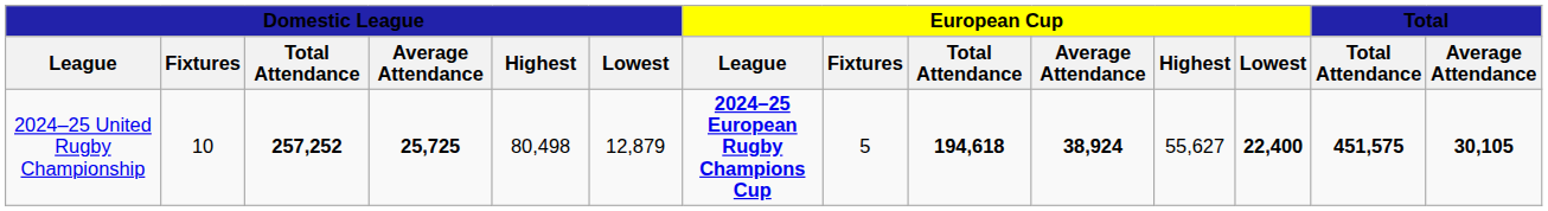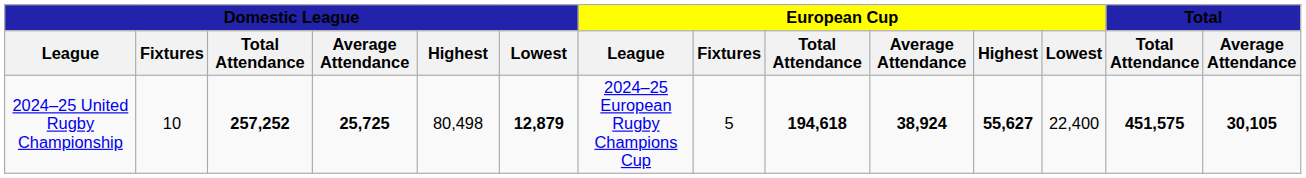 <table class="wikitable sortable" style="font-size:90%; width:90%;">
 <tr>
 <td colspan="6" class="wikitable sortable" style="width:45%; background:#2222aa; text-align:center;"><span><strong>Domestic League</strong></span></td>
 <td colspan="6" class="wikitable sortable" style="width:45%; background:yellow; text-align:center;"><span><strong>European Cup</strong></span></td>
 <td colspan="2" class="wikitable sortable" style="width:45%; background:#2222aa; text-align:center;"><span><strong>Total</strong></span></td>
 </tr>
 <tr>
 <th style="width:15%;">League</th>
 <th style="width:5%;">Fixtures</th>
 <th style="width:10%;">Total Attendance</th>
 <th style="width:10%;">Average Attendance</th>
 <th style="width:10%;">Highest</th>
 <th style="width:10%;">Lowest</th>
 <th style="width:15%;">League</th>
 <th style="width:5%;">Fixtures</th>
 <th style="width:10%;">Total Attendance</th>
 <th style="width:10%;">Average Attendance</th>
 <th style="width:10%;">Highest</th>
 <th style="width:10%;">Lowest</th>
 <th style="width:10%;">Total Attendance</th>
 <th style="width:10%;"><strong>Average Attendance</strong></th>
 </tr>
 <tr>
 <td align=center><a href='#'>2024–25 United Rugby Championship</a></td>
 <td align=center>10</td>
 <td align=center><strong>257,252</strong></td>
 <td align="center"><strong>25,725</strong></td>
 <td align=center>80,498</td>
-<td align=center>12,879</td>
-<td align=center><strong><a href='#'>2024–25 European Rugby Champions Cup</a></strong></td>
+<td align=center><strong>12,879</strong></td>
+<td align=center><a href='#'>2024–25 European Rugby Champions Cup</a></td>
 <td align=center>5</td>
 <td align=center><strong>194,618</strong></td>
 <td align="center"><strong>38,924</strong></td>
-<td align="center">55,627</td>
-<td align=center><strong>22,400</strong></td>
+<td align="center"><strong>55,627</strong></td>
+<td align=center>22,400</td>
 <td align=center><strong>451,575</strong></td>
 <td align=center><strong>30,105</strong></td>
 </tr>
 </table>
